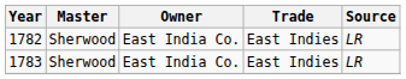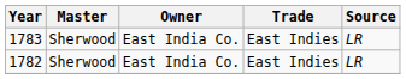 <table class=" wikitable">
 <tr>
 <th>Year</th>
 <th>Master</th>
 <th>Owner</th>
 <th>Trade</th>
 <th>Source</th>
 </tr>
 <tr>
-<td>1782</td>
+<td>1783</td>
 <td>Sherwood</td>
 <td>East India Co.</td>
 <td>East Indies</td>
 <td><em>LR</em></td>
 </tr>
 <tr>
-<td>1783</td>
+<td>1782</td>
 <td>Sherwood</td>
 <td>East India Co.</td>
 <td>East Indies</td>
 <td><em>LR</em></td>
 </tr>
 <tr>
 </tr>
 </table>
